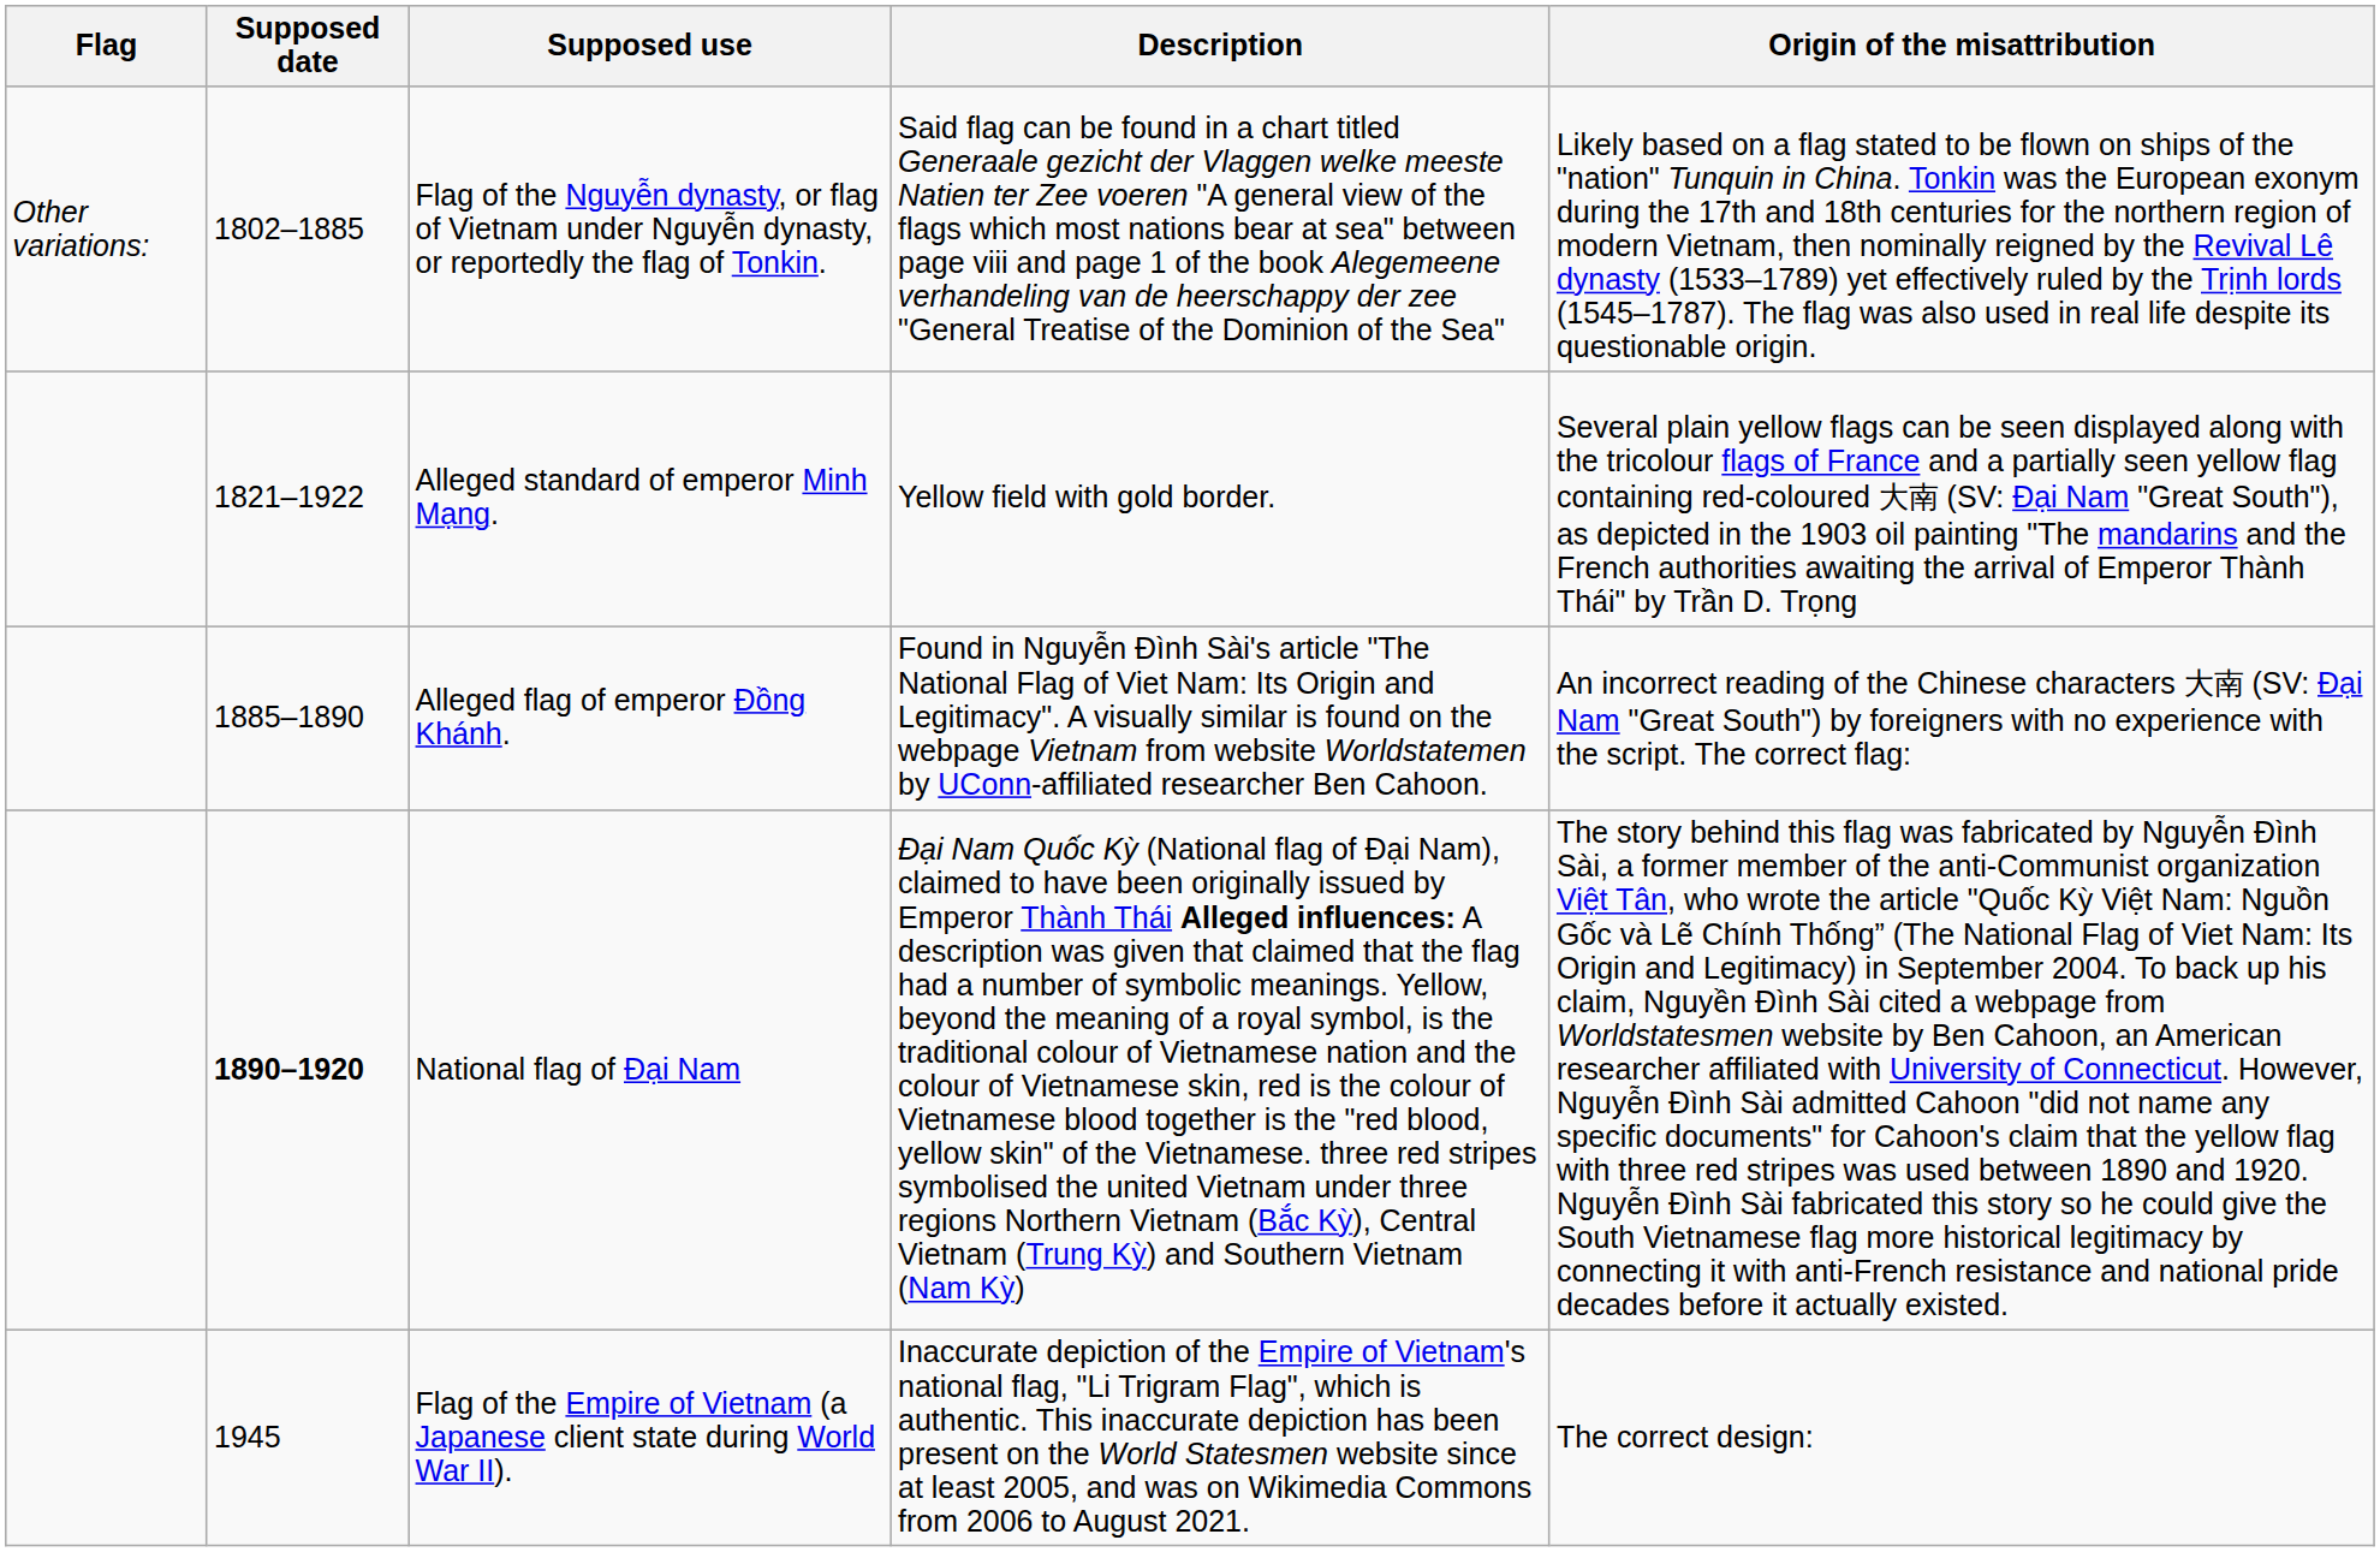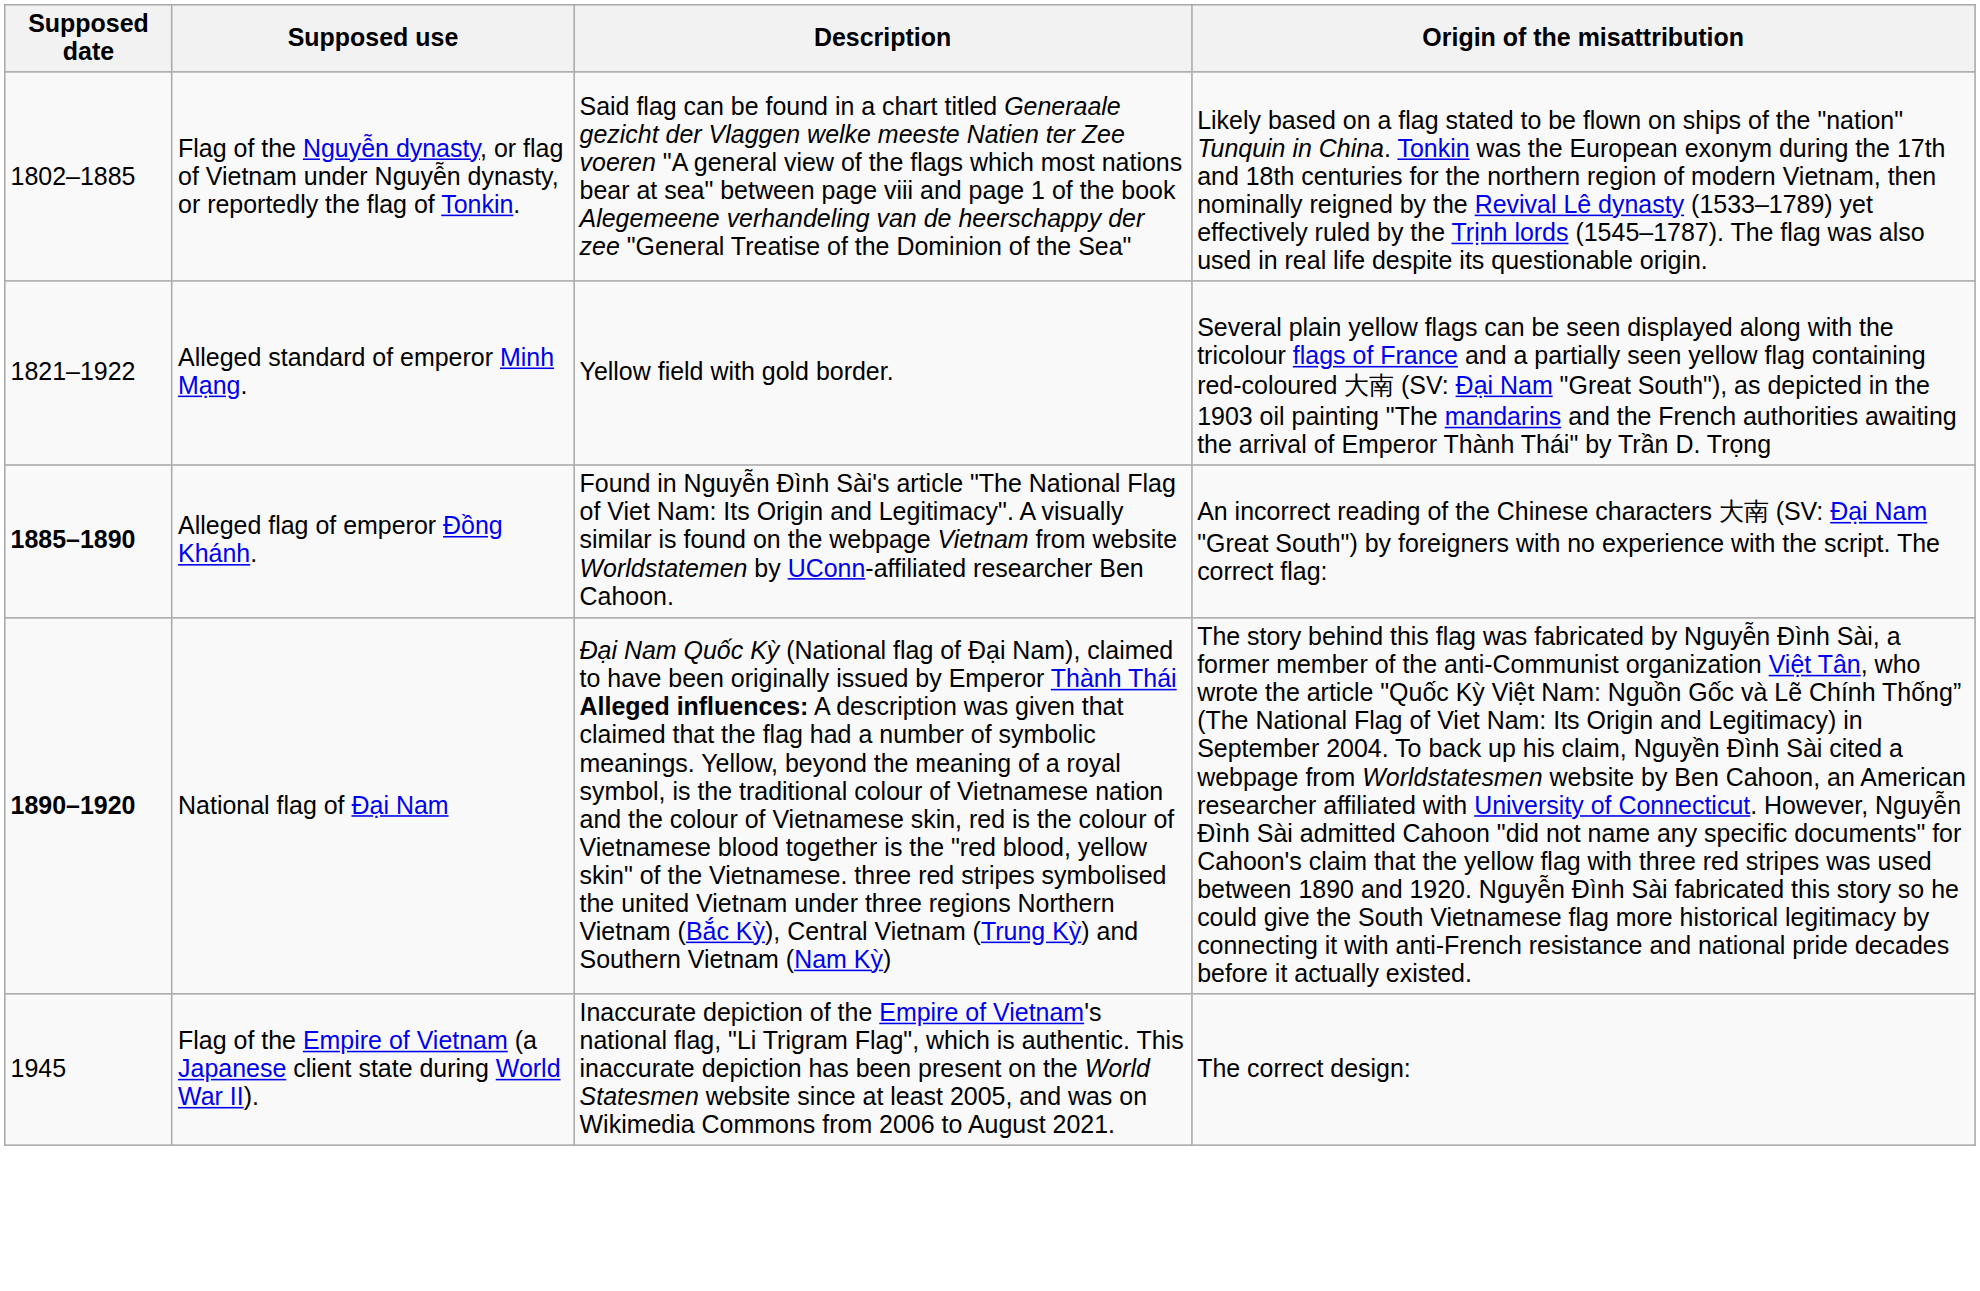 <table class="wikitable" style="width:100%">
 <tr>
-<th width="100px">Flag</th>
 <th width="100px">Supposed date</th>
 <th width="250px">Supposed use</th>
 <th style="min-width:125px">Description</th>
 <th style="min-width:125px">Origin of the misattribution</th>
 </tr>
 <tr>
-<td><em>Other variations:</em></td>
 <td>1802–1885</td>
 <td>Flag of the <a href='#'>Nguyễn dynasty</a>, or flag of Vietnam under Nguyễn dynasty, or reportedly the flag of <a href='#'>Tonkin</a>.</td>
 <td>Said flag can be found in a chart titled <em>Generaale gezicht der Vlaggen welke meeste Natien ter Zee voeren</em> "A general view of the flags which most nations bear at sea" between page viii and page 1 of the book <em>Alegemeene verhandeling van de heerschappy der zee</em> "General Treatise of the Dominion of the Sea"</td>
 <td><br>Likely based on a flag stated to be flown on ships of the "nation" <em>Tunquin in China</em>. <a href='#'>Tonkin</a> was the European exonym during the 17th and 18th centuries for the northern region of modern Vietnam, then nominally reigned by the <a href='#'>Revival Lê dynasty</a> (1533–1789) yet effectively ruled by the <a href='#'>Trịnh lords</a> (1545–1787). The flag was also used in real life despite its questionable origin.</td>
 </tr>
 <tr>
-<td></td>
 <td>1821–1922</td>
 <td>Alleged standard of emperor <a href='#'>Minh Mạng</a>.</td>
 <td>Yellow field with gold border.</td>
 <td><br>Several plain yellow flags can be seen displayed along with the tricolour <a href='#'>flags of France</a> and a partially seen yellow flag containing red-coloured 大南 (SV: <a href='#'>Đại Nam</a> "Great South"), as depicted in the 1903 oil painting  "The <a href='#'>mandarins</a> and the French authorities awaiting the arrival of Emperor Thành Thái" by Trần D. Trọng</td>
 </tr>
 <tr>
-<td></td>
-<td>1885–1890</td>
+<td><strong>1885–1890</strong></td>
 <td>Alleged flag of emperor <a href='#'>Đồng Khánh</a>.</td>
 <td>Found in Nguyễn Đình Sài's article  "The National Flag of Viet Nam: Its Origin and Legitimacy". A visually similar is found on the webpage <em>Vietnam</em> from website <em>Worldstatemen</em> by <a href='#'>UConn</a>-affiliated researcher Ben Cahoon.</td>
 <td>An incorrect reading of the Chinese characters 大南 (SV: <a href='#'>Đại Nam</a> "Great South") by foreigners with no experience with the script. The correct flag: </td>
 </tr>
 <tr>
-<td></td>
 <td><strong>1890–1920</strong></td>
 <td>National flag of <a href='#'>Đại Nam</a></td>
 <td><em>Đại Nam Quốc Kỳ</em> (National flag of Đại Nam), claimed to have been originally issued by Emperor <a href='#'>Thành Thái</a> <strong>Alleged influences:</strong> A description was given that claimed that the flag had a number of symbolic meanings. Yellow, beyond the meaning of a royal symbol, is the traditional colour of Vietnamese nation and the colour of Vietnamese skin, red is the colour of Vietnamese blood together is the "red blood, yellow skin" of the Vietnamese. three red stripes symbolised the united Vietnam under three regions Northern Vietnam (<a href='#'>Bắc Kỳ</a>), Central Vietnam (<a href='#'>Trung Kỳ</a>) and Southern Vietnam (<a href='#'>Nam Kỳ</a>)</td>
 <td>The story behind this flag was fabricated by Nguyễn Đình Sài, a former member of the anti-Communist organization <a href='#'>Việt Tân</a>, who wrote the article "Quốc Kỳ Việt Nam: Nguồn Gốc và Lẽ Chính Thống” (The National Flag of Viet Nam: Its Origin and Legitimacy) in September 2004. To back up his claim, Nguyền Đình Sài cited a webpage from <em>Worldstatesmen</em> website by Ben Cahoon, an American researcher affiliated with <a href='#'>University of Connecticut</a>. However, Nguyễn Đình Sài admitted Cahoon "did not name any specific documents" for Cahoon's claim that the yellow flag with three red stripes was used between 1890 and 1920. Nguyễn Đình Sài fabricated this story so he could give the South Vietnamese flag more historical legitimacy by connecting it with anti-French resistance and national pride decades before it actually existed.</td>
 </tr>
 <tr>
-<td></td>
 <td>1945</td>
 <td>Flag of the <a href='#'>Empire of Vietnam</a> (a <a href='#'>Japanese</a> client state during <a href='#'>World War II</a>).</td>
 <td>Inaccurate depiction of the <a href='#'>Empire of Vietnam</a>'s national flag,  "Li Trigram Flag", which is authentic. This inaccurate depiction has been present on the <em>World Statesmen</em> website since at least 2005, and was on Wikimedia Commons from 2006 to August 2021.</td>
 <td>The correct design: </td>
 </tr>
 </table>
